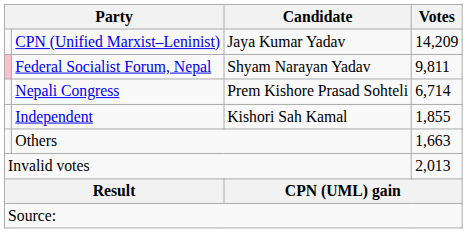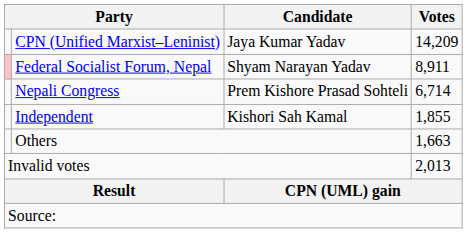 <table class="wikitable">
 <tr>
 <th colspan="2">Party</th>
 <th>Candidate</th>
 <th>Votes</th>
 </tr>
 <tr>
 <td style="background-color:"></td>
 <td><a href='#'>CPN (Unified Marxist–Leninist)</a></td>
 <td>Jaya Kumar Yadav</td>
 <td>14,209</td>
 </tr>
 <tr>
 <td style="background-color:#ffc0cb"></td>
 <td><a href='#'>Federal Socialist Forum, Nepal</a></td>
 <td>Shyam Narayan Yadav</td>
-<td>9,811</td>
+<td>8,911</td>
 </tr>
 <tr>
 <td style="background-color:"></td>
 <td><a href='#'>Nepali Congress</a></td>
 <td>Prem Kishore Prasad Sohteli</td>
 <td>6,714</td>
 </tr>
 <tr>
 <td style="background-color:"></td>
 <td><a href='#'>Independent</a></td>
 <td>Kishori Sah Kamal</td>
 <td>1,855</td>
 </tr>
 <tr>
 <td></td>
 <td colspan="2">Others</td>
 <td>1,663</td>
 </tr>
 <tr>
 <td colspan="3">Invalid votes</td>
 <td>2,013</td>
 </tr>
 <tr>
 <th colspan="2">Result</th>
 <th colspan="2">CPN (UML) gain</th>
 </tr>
 <tr>
 <td colspan="4">Source: </td>
 </tr>
 </table>
